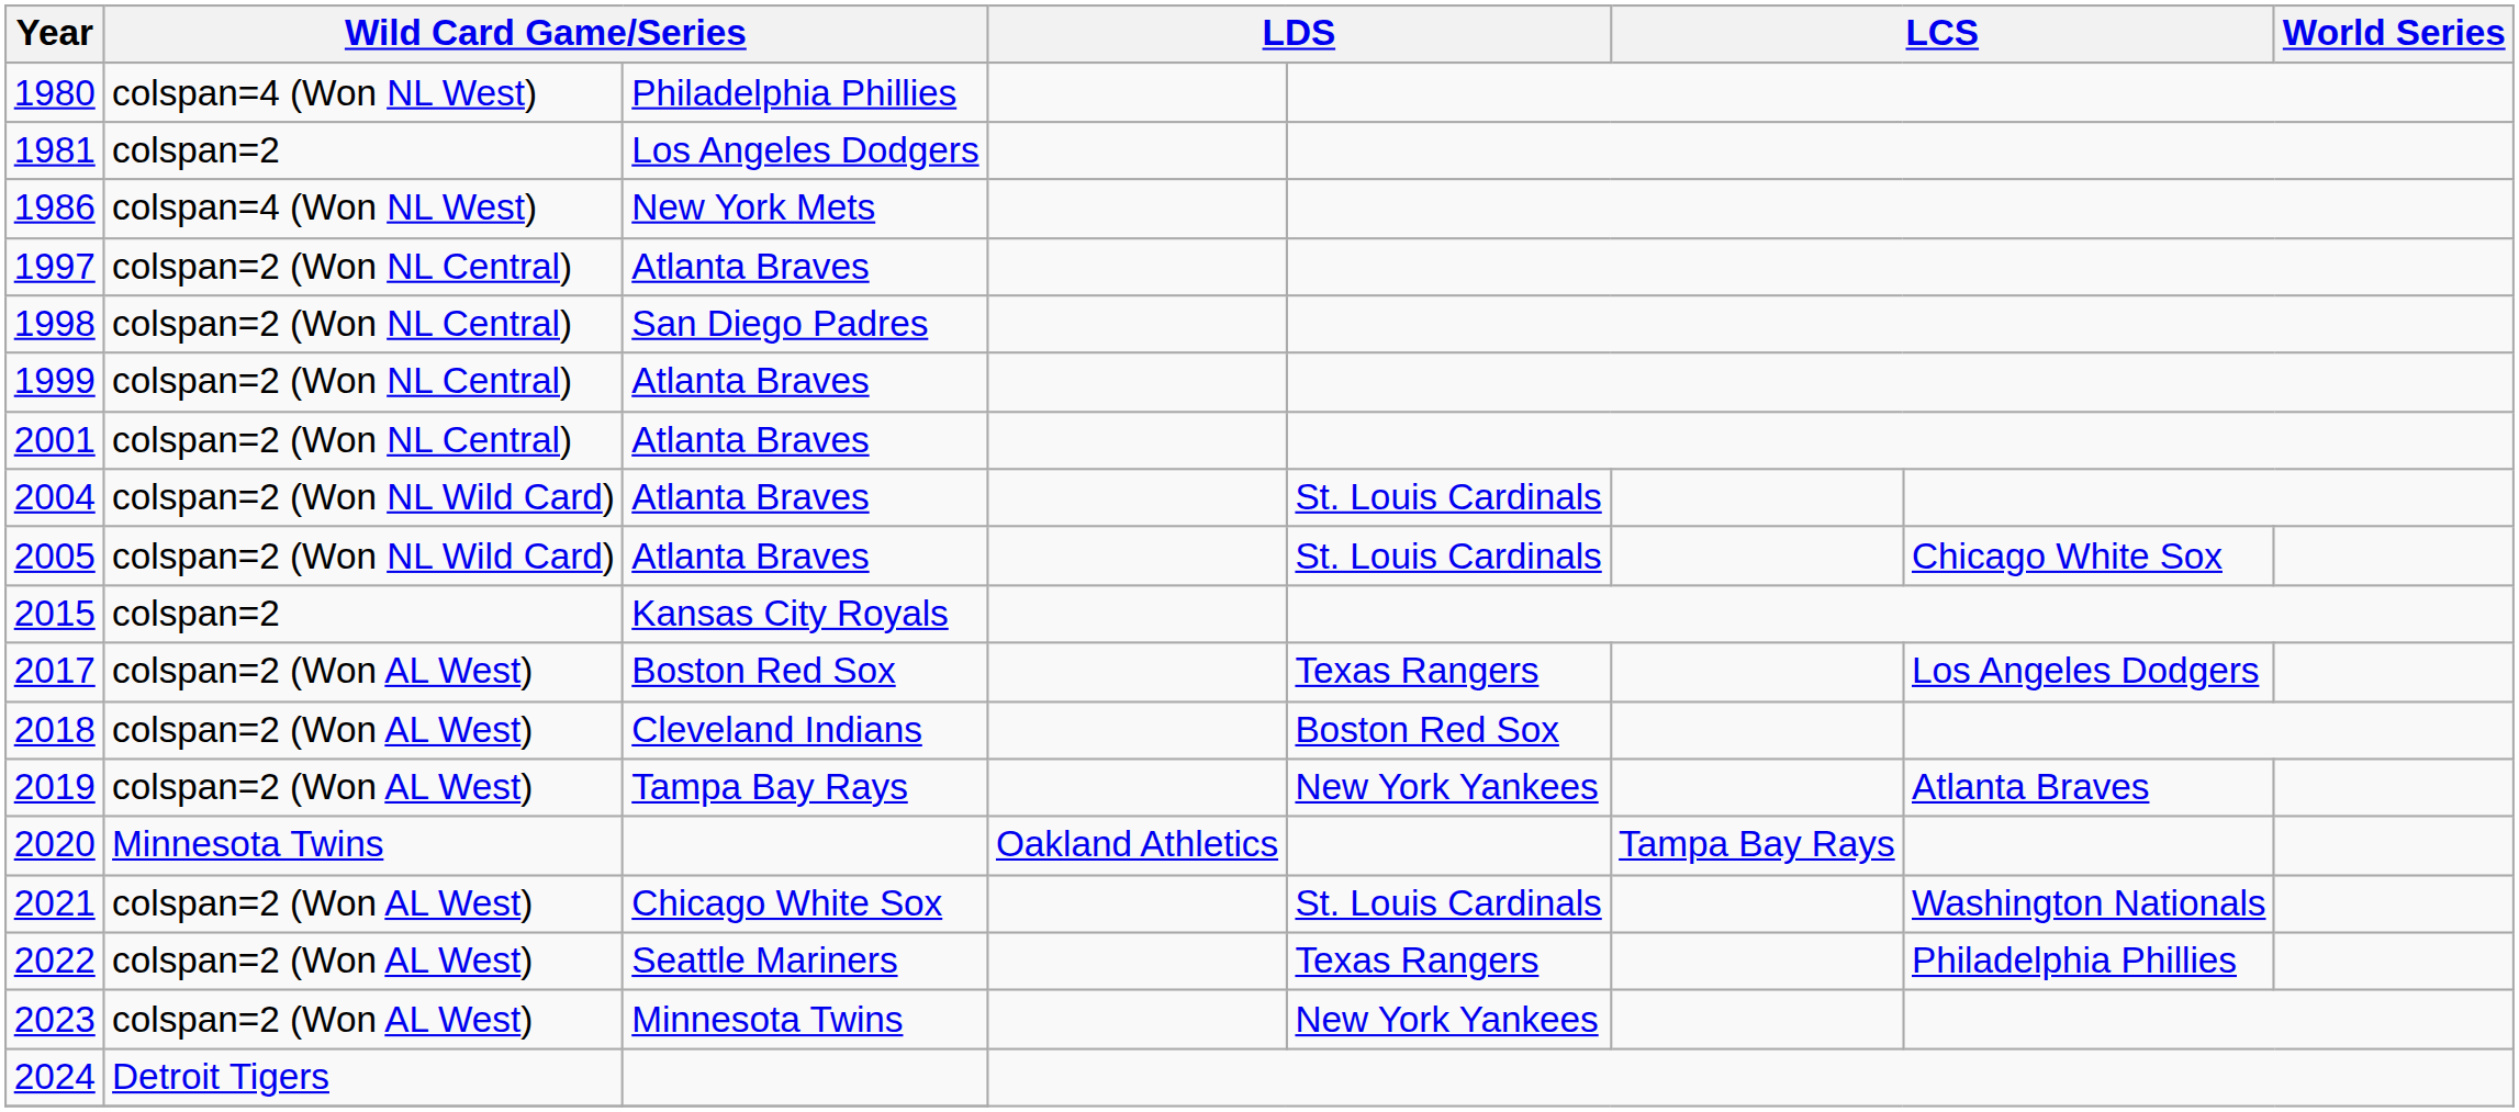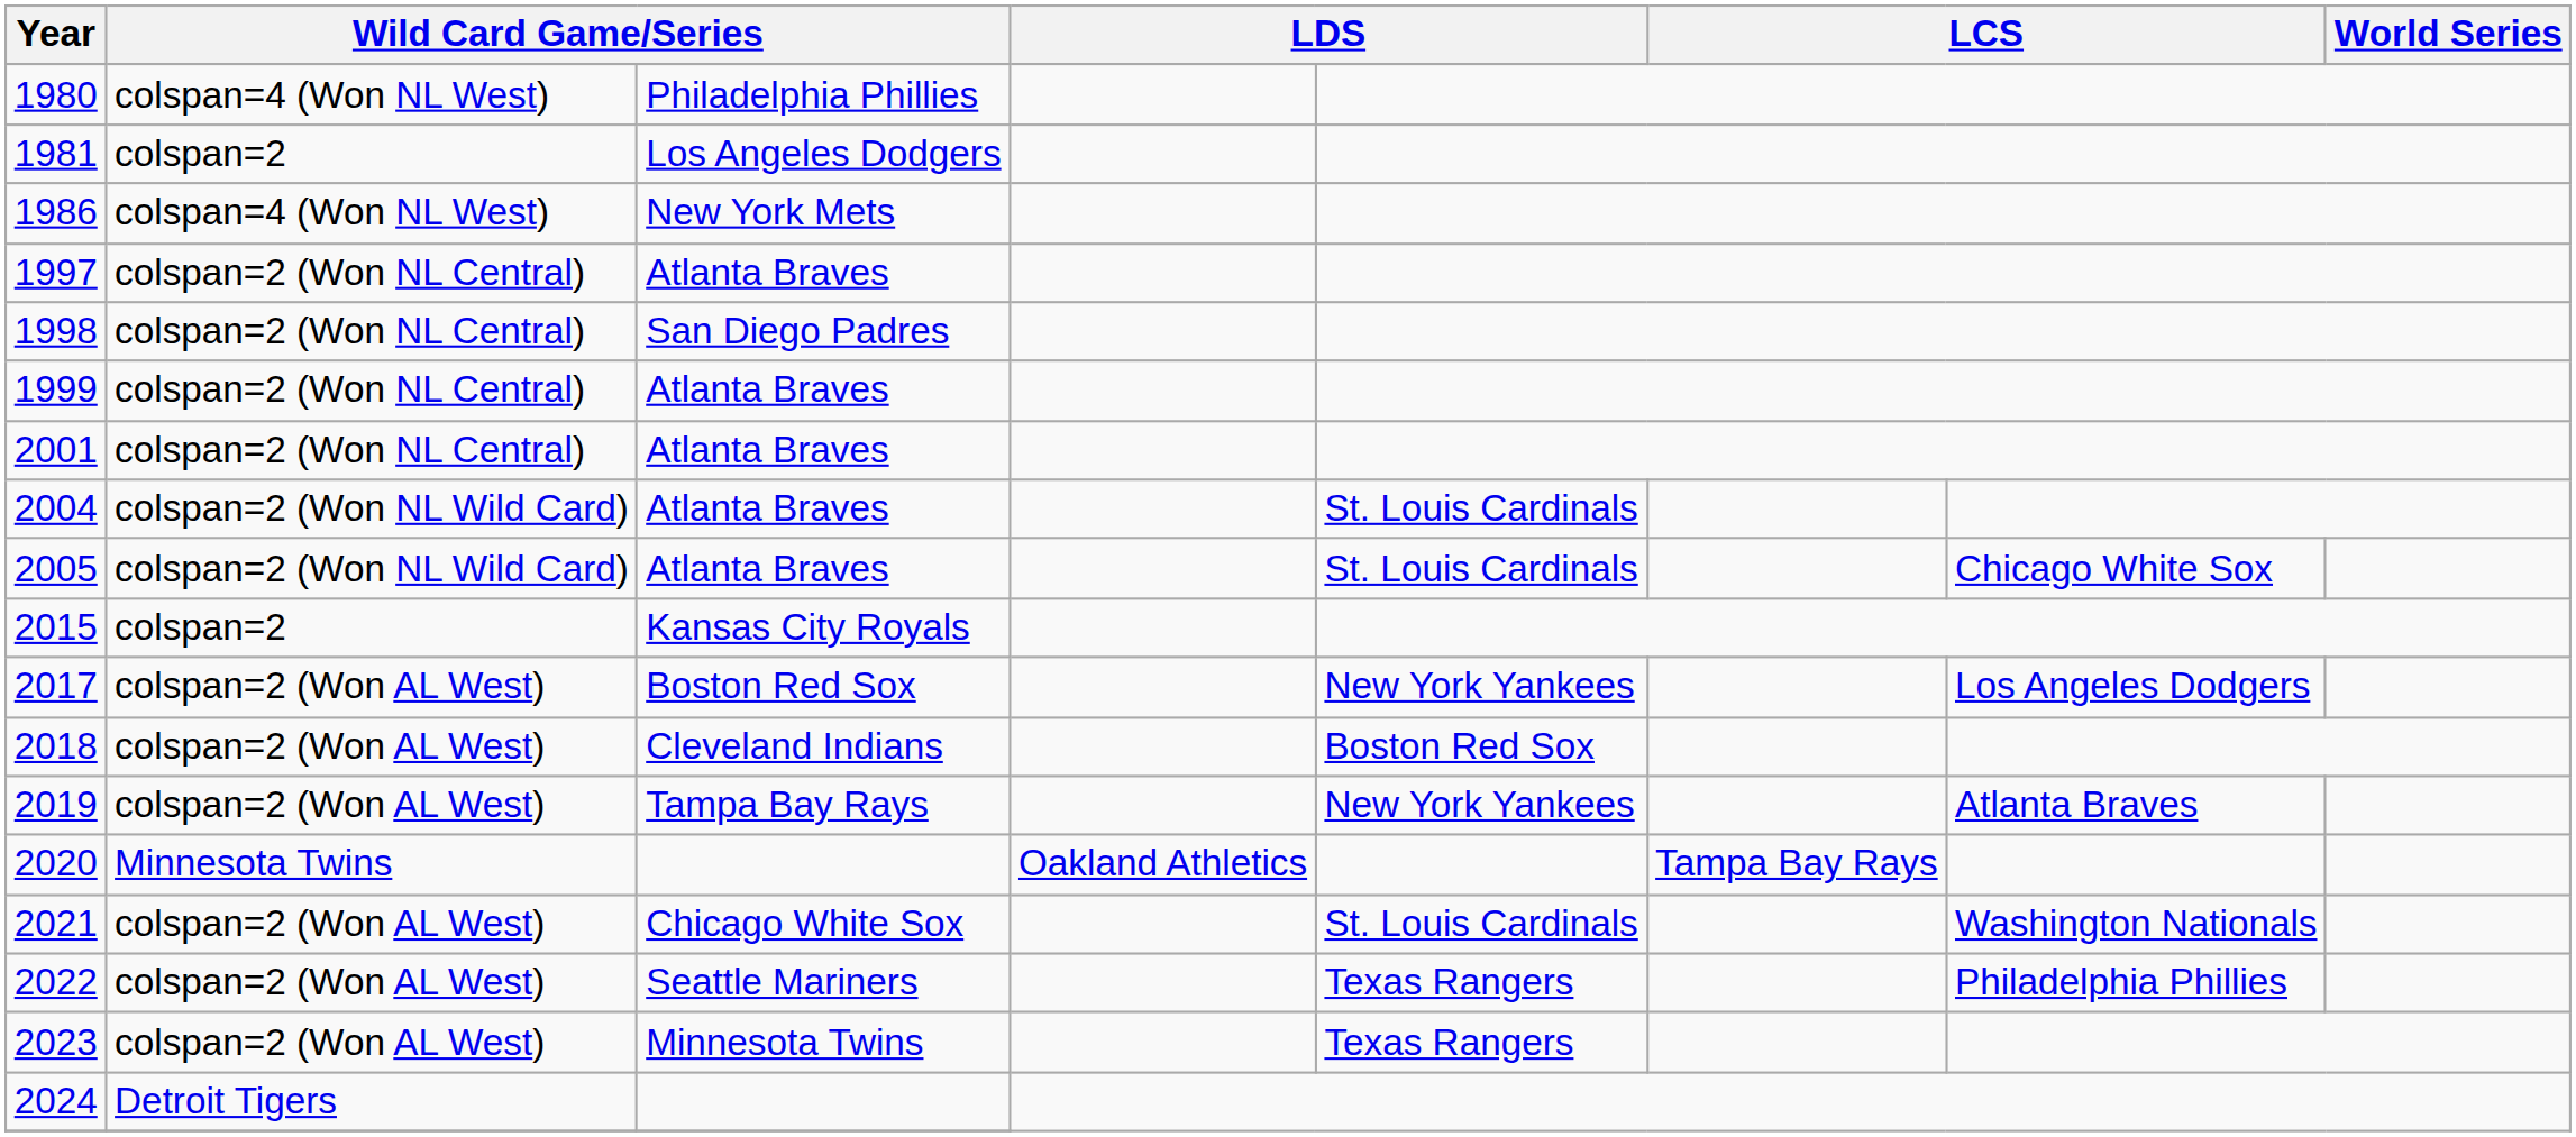 <table class="wikitable">
 <tr>
 <th>Year</th>
 <th colspan=2><a href='#'><span>Wild Card Game/Series</span></a></th>
 <th colspan=2><a href='#'><span>LDS</span></a></th>
 <th colspan=2><a href='#'><span>LCS</span></a></th>
 <th colspan=2><a href='#'><span>World Series</span></a></th>
 </tr>
 <tr>
 <td align=center><a href='#'>1980</a></td>
 <td>colspan=4  (Won <a href='#'>NL West</a>)</td>
 <td><a href='#'>Philadelphia Phillies</a></td>
 <td></td>
 <td colspan=5></td>
 </tr>
 <tr>
 <td align=center><a href='#'>1981</a></td>
 <td>colspan=2 </td>
 <td><a href='#'>Los Angeles Dodgers</a></td>
 <td></td>
 <td colspan=5></td>
 </tr>
 <tr>
 <td align=center><a href='#'>1986</a></td>
 <td>colspan=4  (Won <a href='#'>NL West</a>)</td>
 <td><a href='#'>New York Mets</a></td>
 <td></td>
 <td colspan=5></td>
 </tr>
 <tr>
 <td align=center><a href='#'>1997</a></td>
 <td>colspan=2  (Won <a href='#'>NL Central</a>)</td>
 <td><a href='#'>Atlanta Braves</a></td>
 <td></td>
 <td colspan=5></td>
 </tr>
 <tr>
 <td align=center><a href='#'>1998</a></td>
 <td>colspan=2  (Won <a href='#'>NL Central</a>)</td>
 <td><a href='#'>San Diego Padres</a></td>
 <td></td>
 <td colspan=5></td>
 </tr>
 <tr>
 <td align=center><a href='#'>1999</a></td>
 <td>colspan=2  (Won <a href='#'>NL Central</a>)</td>
 <td><a href='#'>Atlanta Braves</a></td>
 <td></td>
 <td colspan=5></td>
 </tr>
 <tr>
 <td align=center><a href='#'>2001</a></td>
 <td>colspan=2  (Won <a href='#'>NL Central</a>)</td>
 <td><a href='#'>Atlanta Braves</a></td>
 <td></td>
 <td colspan=5></td>
 </tr>
 <tr>
 <td align=center><a href='#'>2004</a></td>
 <td>colspan=2  (Won <a href='#'>NL Wild Card</a>)</td>
 <td><a href='#'>Atlanta Braves</a></td>
 <td></td>
 <td><a href='#'>St. Louis Cardinals</a></td>
 <td></td>
 <td colspan=2></td>
 </tr>
 <tr>
 <td align=center><a href='#'>2005</a></td>
 <td>colspan=2  (Won <a href='#'>NL Wild Card</a>)</td>
 <td><a href='#'>Atlanta Braves</a></td>
 <td></td>
 <td><a href='#'>St. Louis Cardinals</a></td>
 <td></td>
 <td><a href='#'>Chicago White Sox</a></td>
 <td></td>
 </tr>
 <tr>
 <td align=center><a href='#'>2015</a></td>
 <td>colspan=2 </td>
 <td><a href='#'>Kansas City Royals</a></td>
 <td></td>
 <td colspan=4></td>
 </tr>
 <tr>
 <td align=center><a href='#'>2017</a></td>
 <td>colspan=2  (Won <a href='#'>AL West</a>)</td>
 <td><a href='#'>Boston Red Sox</a></td>
 <td></td>
-<td><a href='#'>Texas Rangers</a></td>
+<td><a href='#'>New York Yankees</a></td>
 <td></td>
 <td><a href='#'>Los Angeles Dodgers</a></td>
 <td></td>
 </tr>
 <tr>
 <td align=center><a href='#'>2018</a></td>
 <td>colspan=2  (Won <a href='#'>AL West</a>)</td>
 <td><a href='#'>Cleveland Indians</a></td>
 <td></td>
 <td><a href='#'>Boston Red Sox</a></td>
 <td></td>
 <td colspan=2></td>
 </tr>
 <tr>
 <td align=center><a href='#'>2019</a></td>
 <td>colspan=2  (Won <a href='#'>AL West</a>)</td>
 <td><a href='#'>Tampa Bay Rays</a></td>
 <td></td>
 <td><a href='#'>New York Yankees</a></td>
 <td></td>
 <td><a href='#'>Atlanta Braves</a></td>
 <td></td>
 </tr>
 <tr>
 <td align=center><a href='#'>2020</a></td>
 <td><a href='#'>Minnesota Twins</a></td>
 <td></td>
 <td><a href='#'>Oakland Athletics</a></td>
 <td></td>
 <td><a href='#'>Tampa Bay Rays</a></td>
 <td></td>
 <td colspan=2></td>
 </tr>
 <tr>
 <td align=center><a href='#'>2021</a></td>
 <td>colspan=2  (Won <a href='#'>AL West</a>)</td>
 <td><a href='#'>Chicago White Sox</a></td>
 <td></td>
 <td><a href='#'>St. Louis Cardinals</a></td>
 <td></td>
 <td><a href='#'>Washington Nationals</a></td>
 <td></td>
 </tr>
 <tr>
 <td align=center><a href='#'>2022</a></td>
 <td>colspan=2  (Won <a href='#'>AL West</a>)</td>
 <td><a href='#'>Seattle Mariners</a></td>
 <td></td>
 <td><a href='#'>Texas Rangers</a></td>
 <td></td>
 <td><a href='#'>Philadelphia Phillies</a></td>
 <td></td>
 </tr>
 <tr>
 <td align=center><a href='#'>2023</a></td>
 <td>colspan=2  (Won <a href='#'>AL West</a>)</td>
 <td><a href='#'>Minnesota Twins</a></td>
 <td></td>
-<td><a href='#'>New York Yankees</a></td>
+<td><a href='#'>Texas Rangers</a></td>
 <td></td>
 <td colspan=5></td>
 </tr>
 <tr>
 <td align=center><a href='#'>2024</a></td>
 <td><a href='#'>Detroit Tigers</a></td>
 <td></td>
 </tr>
 <tr>
 </tr>
 </table>
